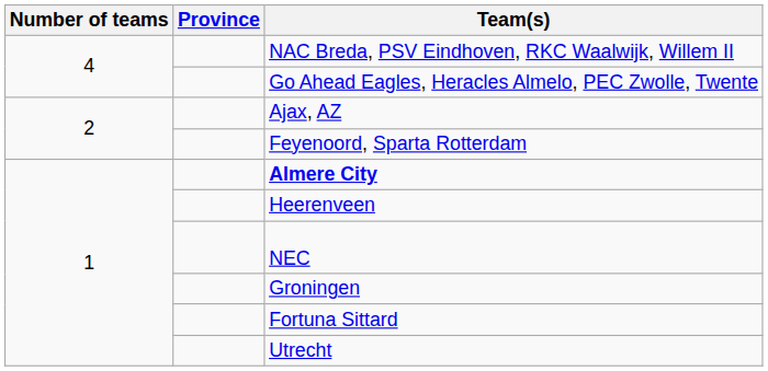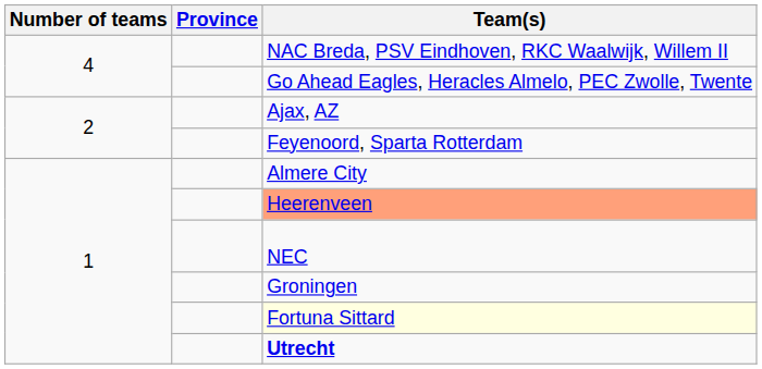 <table class="wikitable" style="text-align:left">
 <tr>
 <th>Number of teams</th>
 <th><a href='#'>Province</a></th>
 <th>Team(s)</th>
 </tr>
 <tr>
 <td align=center rowspan="2">4</td>
 <td></td>
 <td><a href='#'>NAC Breda</a>, <a href='#'>PSV Eindhoven</a>, <a href='#'>RKC Waalwijk</a>, <a href='#'>Willem II</a></td>
 </tr>
 <tr>
 <td></td>
 <td><a href='#'>Go Ahead Eagles</a>, <a href='#'>Heracles Almelo</a>, <a href='#'>PEC Zwolle</a>, <a href='#'>Twente</a></td>
 </tr>
 <tr>
 <td align=center rowspan="2">2</td>
 <td></td>
 <td><a href='#'>Ajax</a>, <a href='#'>AZ</a></td>
 </tr>
 <tr>
 <td></td>
 <td><a href='#'>Feyenoord</a>, <a href='#'>Sparta Rotterdam</a></td>
 </tr>
 <tr>
 <td align=center rowspan="6">1</td>
 <td></td>
-<td><strong><a href='#'>Almere City</a></strong></td>
+<td><a href='#'>Almere City</a></td>
 </tr>
 <tr>
 <td></td>
-<td><a href='#'>Heerenveen</a></td>
+<td style="background: lightsalmon;"><a href='#'>Heerenveen</a></td>
 </tr>
 <tr>
 <td></td>
 <td><br><a href='#'>NEC</a></td>
 </tr>
 <tr>
 <td></td>
 <td><a href='#'>Groningen</a></td>
 </tr>
 <tr>
 <td></td>
-<td><a href='#'>Fortuna Sittard</a></td>
+<td style="background: lightyellow;"><a href='#'>Fortuna Sittard</a></td>
 </tr>
 <tr>
 <td></td>
-<td><a href='#'>Utrecht</a></td>
+<td><strong><a href='#'>Utrecht</a></strong></td>
 </tr>
 </table>
